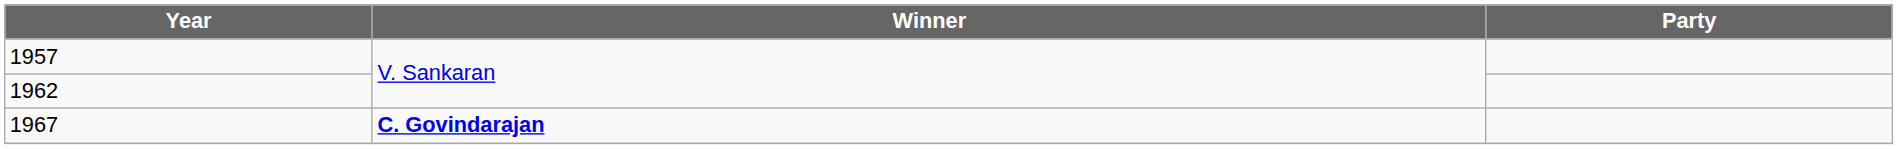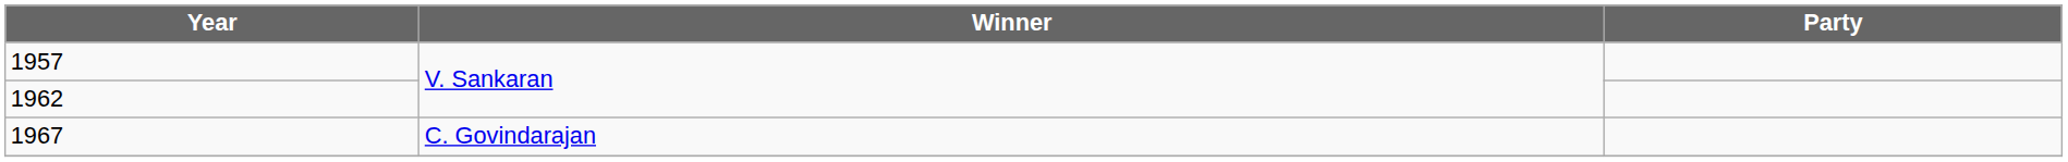 <table class="wikitable" width="70%">
 <tr>
 <th style="background-color:#666666; color:white">Year</th>
 <th style="background-color:#666666; color:white">Winner</th>
 <th style="background-color:#666666; color:white" colspan="2">Party</th>
 </tr>
 <tr>
 <td>1957</td>
 <td rowspan=2><a href='#'>V. Sankaran</a></td>
 <td></td>
 </tr>
 <tr>
 <td>1962</td>
 </tr>
 <tr>
 <td>1967</td>
-<td><strong><a href='#'>C. Govindarajan</a></strong></td>
+<td><a href='#'>C. Govindarajan</a></td>
 <td></td>
 </tr>
 <tr>
 </tr>
 </table>
